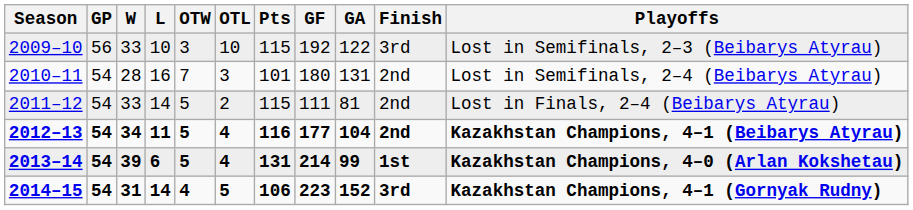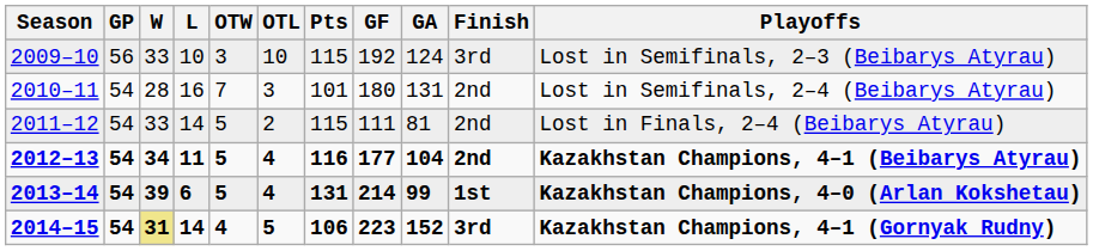 <table class="wikitable">
 <tr>
 <th>Season</th>
 <th>GP</th>
 <th>W</th>
 <th>L</th>
 <th>OTW</th>
 <th>OTL</th>
 <th>Pts</th>
 <th>GF</th>
 <th>GA</th>
 <th>Finish</th>
 <th>Playoffs</th>
 </tr>
 <tr style="background:#eee;">
 <td><a href='#'>2009–10</a></td>
 <td>56</td>
 <td>33</td>
 <td>10</td>
 <td>3</td>
 <td>10</td>
 <td>115</td>
 <td>192</td>
-<td>122</td>
+<td>124</td>
 <td>3rd</td>
 <td>Lost in Semifinals, 2–3 (<a href='#'>Beibarys Atyrau</a>)</td>
 </tr>
 <tr>
 <td><a href='#'>2010–11</a></td>
 <td>54</td>
 <td>28</td>
 <td>16</td>
 <td>7</td>
 <td>3</td>
 <td>101</td>
 <td>180</td>
 <td>131</td>
 <td>2nd</td>
 <td>Lost in Semifinals, 2–4 (<a href='#'>Beibarys Atyrau</a>)</td>
 </tr>
 <tr style="background:#eee;">
 <td><a href='#'>2011–12</a></td>
 <td>54</td>
 <td>33</td>
 <td>14</td>
 <td>5</td>
 <td>2</td>
 <td>115</td>
 <td>111</td>
 <td>81</td>
 <td>2nd</td>
 <td>Lost in Finals, 2–4 (<a href='#'>Beibarys Atyrau</a>)</td>
 </tr>
 <tr>
 <td><strong><a href='#'>2012–13</a></strong></td>
 <td><strong>54</strong></td>
 <td><strong>34</strong></td>
 <td><strong>11</strong></td>
 <td><strong>5</strong></td>
 <td><strong>4</strong></td>
 <td><strong>116</strong></td>
 <td><strong>177</strong></td>
 <td><strong>104</strong></td>
 <td><strong>2nd</strong></td>
 <td><strong>Kazakhstan Champions, 4–1 (<a href='#'>Beibarys Atyrau</a>)</strong></td>
 </tr>
 <tr style="background:#eee;">
 <td><strong><a href='#'>2013–14</a></strong></td>
 <td><strong>54</strong></td>
 <td><strong>39</strong></td>
 <td><strong>6</strong></td>
 <td><strong>5</strong></td>
 <td><strong>4</strong></td>
 <td><strong>131</strong></td>
 <td><strong>214</strong></td>
 <td><strong>99</strong></td>
 <td><strong>1st</strong></td>
 <td><strong>Kazakhstan Champions, 4–0 (<a href='#'>Arlan Kokshetau</a>)</strong></td>
 </tr>
 <tr>
 <td><strong><a href='#'>2014–15</a></strong></td>
 <td><strong>54</strong></td>
-<td><strong>31</strong></td>
+<td style="background: khaki;"><strong>31</strong></td>
 <td><strong>14</strong></td>
 <td><strong>4</strong></td>
 <td><strong>5</strong></td>
 <td><strong>106</strong></td>
 <td><strong>223</strong></td>
 <td><strong>152</strong></td>
 <td><strong>3rd</strong></td>
 <td><strong>Kazakhstan Champions, 4–1 (<a href='#'>Gornyak Rudny</a>)</strong></td>
 </tr>
 </table>
